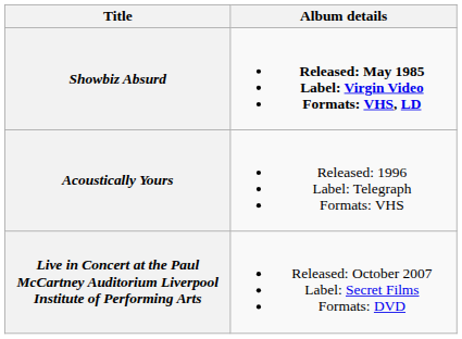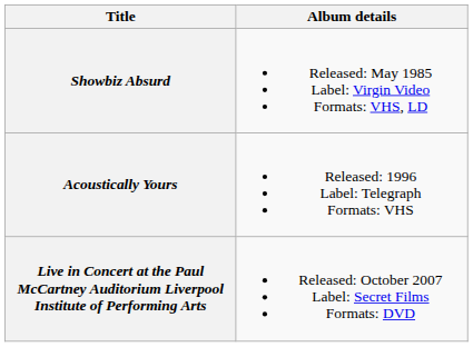 <table class="wikitable plainrowheaders" style="text-align:center;">
 <tr>
 <th scope="col" style="width:15em;">Title</th>
 <th scope="col" style="width:15em;">Album details</th>
 </tr>
 <tr>
 <th scope="row"><em>Showbiz Absurd</em></th>
-<td><strong><br><ul><li>Released: May 1985</li><li>Label: <a href='#'>Virgin Video</a></li><li>Formats: <a href='#'>VHS</a>, <a href='#'>LD</a></li></ul></strong></td>
+<td><br><ul><li>Released: May 1985</li><li>Label: <a href='#'>Virgin Video</a></li><li>Formats: <a href='#'>VHS</a>, <a href='#'>LD</a></li></ul></td>
 </tr>
 <tr>
 <th scope="row"><em>Acoustically Yours</em></th>
 <td><br><ul><li>Released: 1996</li><li>Label: Telegraph</li><li>Formats: VHS</li></ul></td>
 </tr>
 <tr>
 <th scope="row"><em>Live in Concert at the Paul McCartney Auditorium Liverpool Institute of Performing Arts</em></th>
 <td><br><ul><li>Released: October 2007</li><li>Label: <a href='#'>Secret Films</a></li><li>Formats: <a href='#'>DVD</a></li></ul></td>
 </tr>
 </table>
